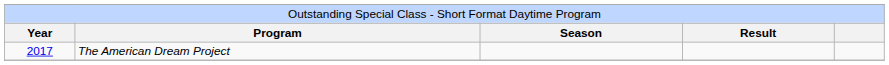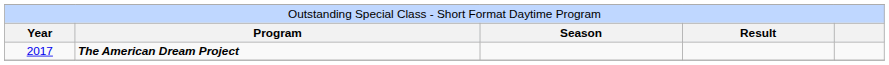 <table class="wikitable plainrowheaders" style="font-size: 90%" width=85%>
 <tr>
 </tr>
 <tr ---- bgcolor="#bfd7ff">
 <td colspan=6 align=center>Outstanding Special Class - Short Format Daytime Program</td>
 </tr>
 <tr ---- bgcolor="#ebf5ff">
 <th scope="col" style="width:7%;">Year</th>
 <th scope="col" style="width:40%;">Program</th>
 <th scope="col" style="width:20%;">Season</th>
 <th scope="col" style="width:15%;">Result</th>
 <th scope="col" class="unsortable" style="width:5%;"></th>
 </tr>
 <tr>
 <td style="text-align:center;"><a href='#'>2017</a></td>
-<td><em>The American Dream Project</em></td>
+<td><strong><em>The American Dream Project</em></strong></td>
 <td></td>
 <td></td>
 <td style="text-align:center;"></td>
 </tr>
 <tr>
 </tr>
 </table>
